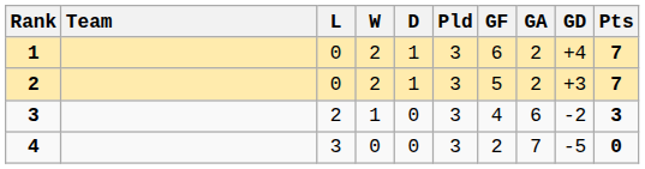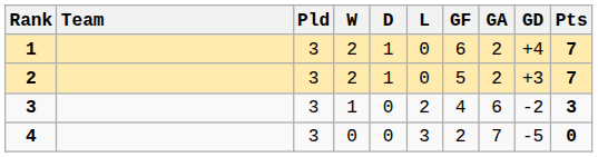 <table class="wikitable" style="text-align: center;">
 <tr>
 <th width=30>Rank</th>
 <th width=165 style="text-align:left;">Team</th>
-<th width=20>L</th>
+<th width=20>Pld</th>
 <th width=20>W</th>
 <th width=20>D</th>
-<th width=20>Pld</th>
+<th width=20>L</th>
 <th width=20>GF</th>
 <th width=20>GA</th>
 <th width=20>GD</th>
 <th width=20>Pts</th>
 </tr>
 <tr style="background:#ffebad;">
 <td><strong>1</strong></td>
 <td style="text-align:left;"></td>
-<td>0</td>
+<td>3</td>
 <td>2</td>
 <td>1</td>
-<td>3</td>
+<td>0</td>
 <td>6</td>
 <td>2</td>
 <td>+4</td>
 <td><strong>7</strong></td>
 </tr>
 <tr style="background:#ffebad;">
 <td><strong>2</strong></td>
 <td style="text-align:left;"></td>
-<td>0</td>
+<td>3</td>
 <td>2</td>
 <td>1</td>
-<td>3</td>
+<td>0</td>
 <td>5</td>
 <td>2</td>
 <td>+3</td>
 <td><strong>7</strong></td>
 </tr>
 <tr>
 <td><strong>3</strong></td>
 <td style="text-align:left;"></td>
-<td>2</td>
+<td>3</td>
 <td>1</td>
 <td>0</td>
-<td>3</td>
+<td>2</td>
 <td>4</td>
 <td>6</td>
 <td>-2</td>
 <td><strong>3</strong></td>
 </tr>
 <tr>
 <td><strong>4</strong></td>
 <td style="text-align:left;"></td>
 <td>3</td>
 <td>0</td>
 <td>0</td>
 <td>3</td>
 <td>2</td>
 <td>7</td>
 <td>-5</td>
 <td><strong>0</strong></td>
 </tr>
 </table>
